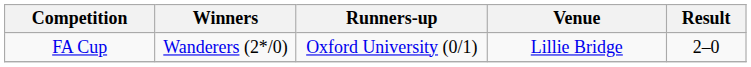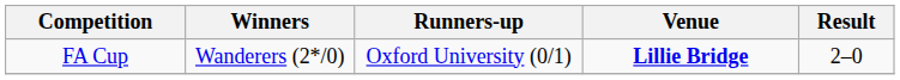 <table class="wikitable" width="75%">
 <tr>
 <th style="width:10em">Competition</th>
 <th style="width:10em">Winners</th>
 <th style="width:15em">Runners-up</th>
 <th style="width:15em">Venue</th>
 <th style="width:05em">Result</th>
 </tr>
 <tr>
 <td align="center"><a href='#'>FA Cup</a></td>
 <td align="center"><a href='#'>Wanderers</a> (2*/0)</td>
 <td align="center"><a href='#'>Oxford University</a> (0/1)</td>
-<td align="center"><a href='#'>Lillie Bridge</a></td>
+<td align="center"><strong><a href='#'>Lillie Bridge</a></strong></td>
 <td align="center">2–0</td>
 </tr>
 <tr>
 </tr>
 </table>
